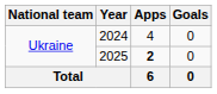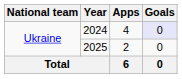 <table class="wikitable" style="text-align: center;">
 <tr>
 <th>National team</th>
 <th>Year</th>
 <th>Apps</th>
 <th>Goals</th>
 </tr>
 <tr>
 <td rowspan=2><a href='#'>Ukraine</a></td>
 <td>2024</td>
 <td>4</td>
-<td>0</td>
+<td style="background: lavender;">0</td>
 </tr>
 <tr>
 <td>2025</td>
-<td><strong>2</strong></td>
+<td>2</td>
 <td>0</td>
 </tr>
 <tr>
 <th colspan="2">Total</th>
 <th>6</th>
 <th>0</th>
 </tr>
 </table>
